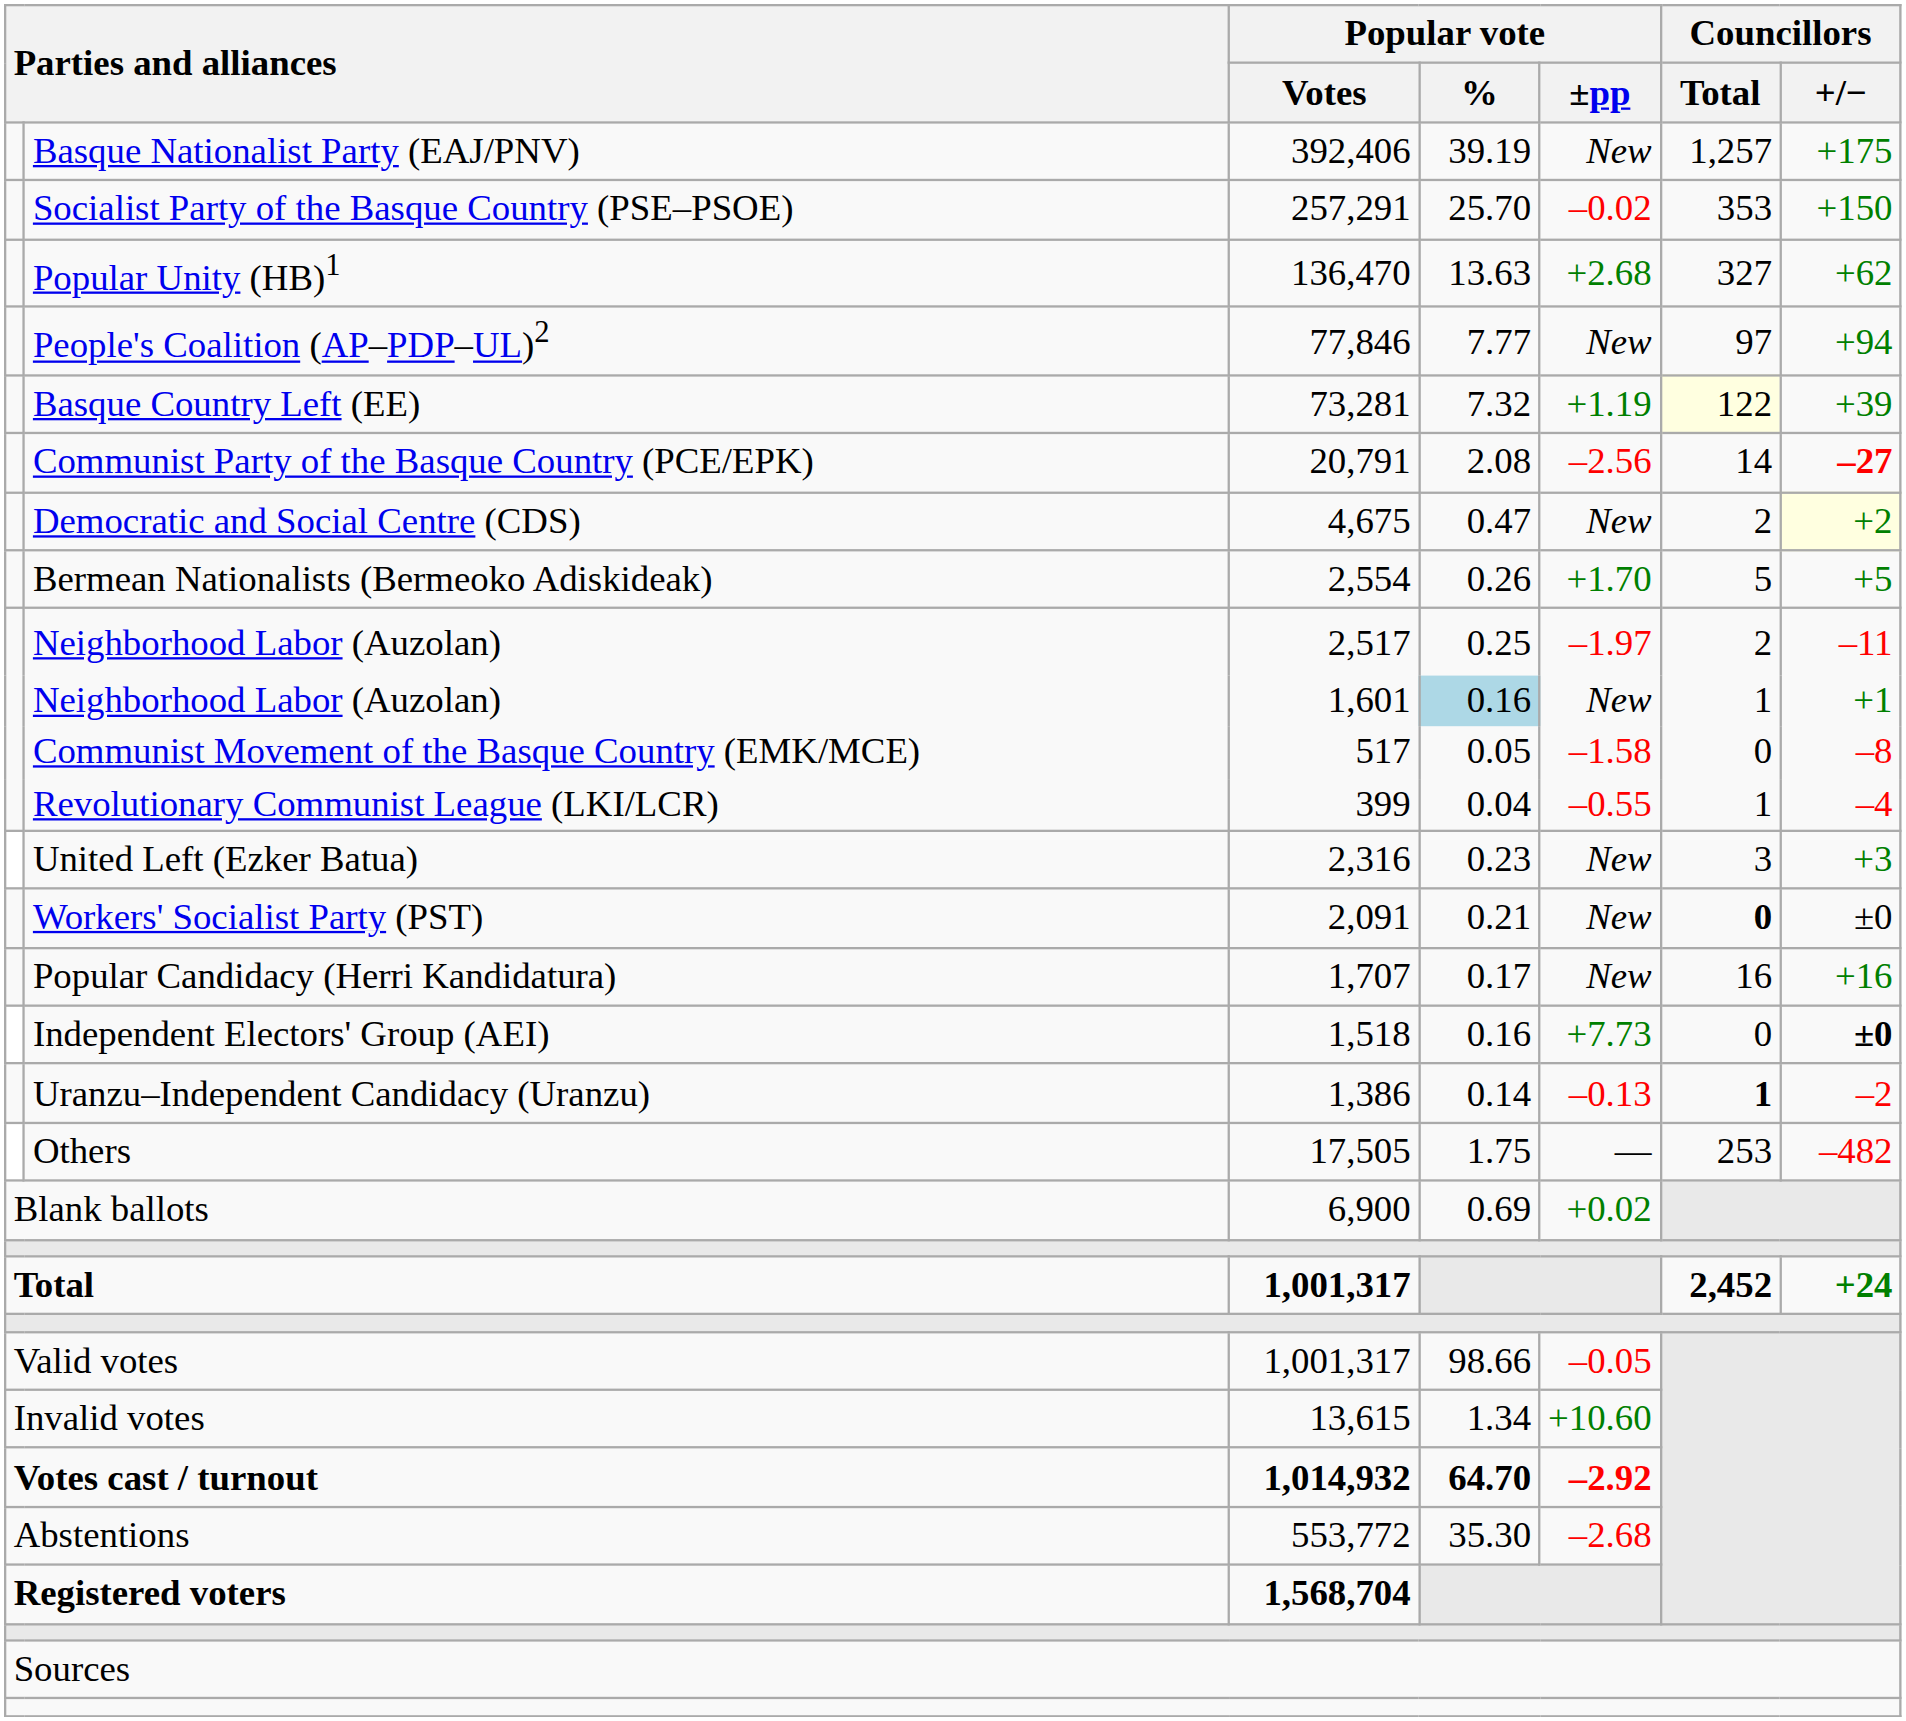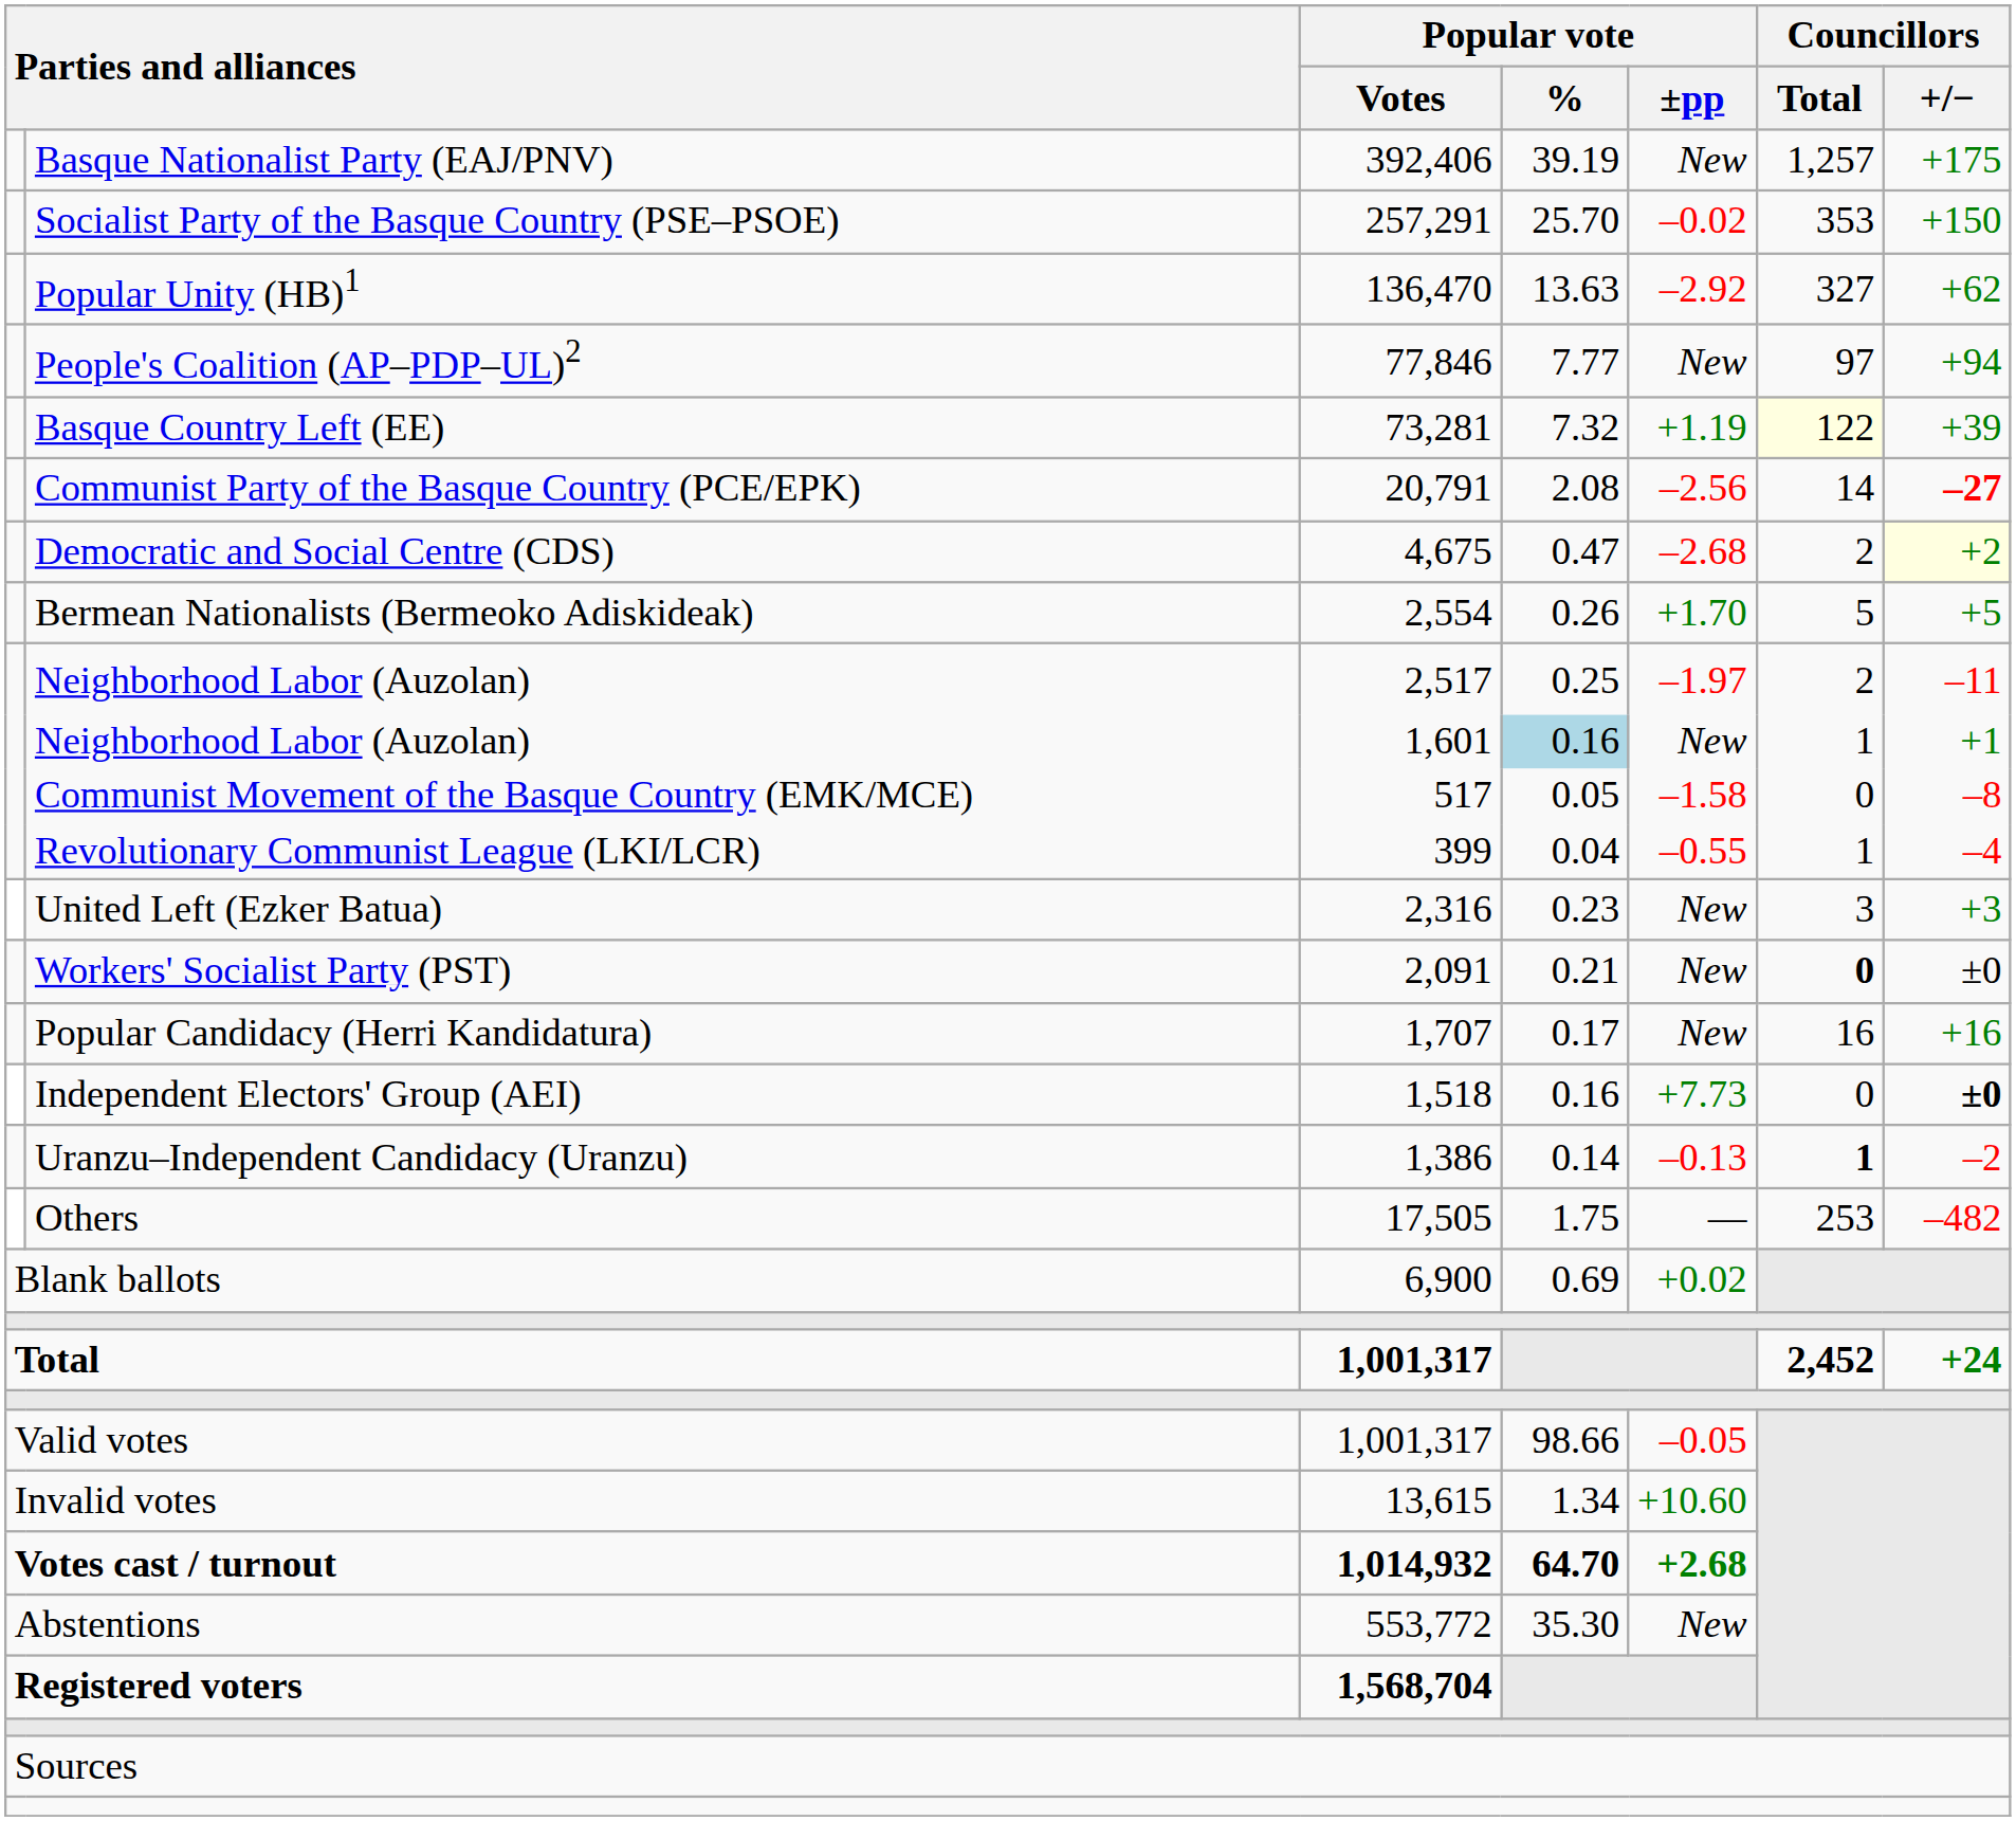 <table class="wikitable" style="text-align:right;">
 <tr>
 <th style="text-align:left;" rowspan="2" colspan="2" width="525">Parties and alliances</th>
 <th colspan="3">Popular vote</th>
 <th colspan="2">Councillors</th>
 </tr>
 <tr>
 <th width="75">Votes</th>
 <th width="45">%</th>
 <th width="45">±<a href='#'>pp</a></th>
 <th width="45">Total</th>
 <th width="45">+/−</th>
 </tr>
 <tr>
 <td width="1" style="color:inherit;background:"></td>
 <td align="left"><a href='#'>Basque Nationalist Party</a> (EAJ/PNV)</td>
 <td>392,406</td>
 <td>39.19</td>
 <td><em>New</em></td>
 <td>1,257</td>
 <td style="color:green;">+175</td>
 </tr>
 <tr>
 <td style="color:inherit;background:"></td>
 <td align="left"><a href='#'>Socialist Party of the Basque Country</a> (PSE–PSOE)</td>
 <td>257,291</td>
 <td>25.70</td>
 <td style="color:red;">–0.02</td>
 <td>353</td>
 <td style="color:green;">+150</td>
 </tr>
 <tr>
 <td style="color:inherit;background:"></td>
 <td align="left"><a href='#'>Popular Unity</a> (HB)<sup>1</sup></td>
 <td>136,470</td>
 <td>13.63</td>
-<td style="color:green;">+2.68</td>
+<td style="color:red;">–2.92</td>
 <td>327</td>
 <td style="color:green;">+62</td>
 </tr>
 <tr>
 <td style="color:inherit;background:"></td>
 <td align="left"><a href='#'>People's Coalition</a> (<a href='#'>AP</a>–<a href='#'>PDP</a>–<a href='#'>UL</a>)<sup>2</sup></td>
 <td>77,846</td>
 <td>7.77</td>
 <td><em>New</em></td>
 <td>97</td>
 <td style="color:green;">+94</td>
 </tr>
 <tr>
 <td style="color:inherit;background:"></td>
 <td align="left"><a href='#'>Basque Country Left</a> (EE)</td>
 <td>73,281</td>
 <td>7.32</td>
 <td style="color:green;">+1.19</td>
 <td style="background: lightyellow;">122</td>
 <td style="color:green;">+39</td>
 </tr>
 <tr>
 <td style="color:inherit;background:"></td>
 <td align="left"><a href='#'>Communist Party of the Basque Country</a> (PCE/EPK)</td>
 <td>20,791</td>
 <td>2.08</td>
 <td style="color:red;">–2.56</td>
 <td>14</td>
 <td style="color:red;"><strong>–27</strong></td>
 </tr>
 <tr>
 <td style="color:inherit;background:"></td>
 <td align="left"><a href='#'>Democratic and Social Centre</a> (CDS)</td>
 <td>4,675</td>
 <td>0.47</td>
-<td><em>New</em></td>
+<td style="color:red;">–2.68</td>
 <td>2</td>
 <td style="background: lightyellow; color:green;">+2</td>
 </tr>
 <tr>
 <td style="color:inherit;background:"></td>
 <td align="left">Bermean Nationalists (Bermeoko Adiskideak)</td>
 <td>2,554</td>
 <td>0.26</td>
 <td style="color:green;">+1.70</td>
 <td>5</td>
 <td style="color:green;">+5</td>
 </tr>
 <tr style="line-height:22px;">
 <td rowspan="4" style="color:inherit;background:"></td>
 <td align="left"><a href='#'>Neighborhood Labor</a> (Auzolan)</td>
 <td>2,517</td>
 <td>0.25</td>
 <td style="color:red;">–1.97</td>
 <td>2</td>
 <td style="color:red;">–11</td>
 </tr>
 <tr style="border-bottom-style:hidden; border-top-style:hidden; line-height:16px;">
 <td align="left"><span><a href='#'>Neighborhood Labor</a> (Auzolan)</span></td>
 <td>1,601</td>
 <td style="background: lightblue;">0.16</td>
 <td><em>New</em></td>
 <td>1</td>
 <td style="color:green;">+1</td>
 </tr>
 <tr style="border-bottom-style:hidden; line-height:16px;">
 <td align="left"><span><a href='#'>Communist Movement of the Basque Country</a> (EMK/MCE)</span></td>
 <td>517</td>
 <td>0.05</td>
 <td style="color:red;">–1.58</td>
 <td>0</td>
 <td style="color:red;">–8</td>
 </tr>
 <tr style="line-height:16px;">
 <td align="left"><span><a href='#'>Revolutionary Communist League</a> (LKI/LCR)</span></td>
 <td>399</td>
 <td>0.04</td>
 <td style="color:red;">–0.55</td>
 <td>1</td>
 <td style="color:red;">–4</td>
 </tr>
 <tr>
 <td bgcolor="white"></td>
 <td align="left">United Left (Ezker Batua)</td>
 <td>2,316</td>
 <td>0.23</td>
 <td><em>New</em></td>
 <td>3</td>
 <td style="color:green;">+3</td>
 </tr>
 <tr>
 <td style="color:inherit;background:"></td>
 <td align="left"><a href='#'>Workers' Socialist Party</a> (PST)</td>
 <td>2,091</td>
 <td>0.21</td>
 <td><em>New</em></td>
 <td><strong>0</strong></td>
 <td>±0</td>
 </tr>
 <tr>
 <td style="color:inherit;background:"></td>
 <td align="left">Popular Candidacy (Herri Kandidatura)</td>
 <td>1,707</td>
 <td>0.17</td>
 <td><em>New</em></td>
 <td>16</td>
 <td style="color:green;">+16</td>
 </tr>
 <tr>
 <td bgcolor="white"></td>
 <td align="left">Independent Electors' Group (AEI)</td>
 <td>1,518</td>
 <td>0.16</td>
 <td style="color:green;">+7.73</td>
 <td>0</td>
 <td><strong>±0</strong></td>
 </tr>
 <tr>
 <td style="color:inherit;background:"></td>
 <td align="left">Uranzu–Independent Candidacy (Uranzu)</td>
 <td>1,386</td>
 <td>0.14</td>
 <td style="color:red;">–0.13</td>
 <td><strong>1</strong></td>
 <td style="color:red;">–2</td>
 </tr>
 <tr>
 <td bgcolor="white"></td>
 <td align="left">Others</td>
 <td>17,505</td>
 <td>1.75</td>
 <td>—</td>
 <td>253</td>
 <td style="color:red;">–482</td>
 </tr>
 <tr>
 <td align="left" colspan="2">Blank ballots</td>
 <td>6,900</td>
 <td>0.69</td>
 <td style="color:green;">+0.02</td>
 <td bgcolor="#E9E9E9" colspan="2"></td>
 </tr>
 <tr>
 <td colspan="7" bgcolor="#E9E9E9"></td>
 </tr>
 <tr style="font-weight:bold;">
 <td align="left" colspan="2">Total</td>
 <td>1,001,317</td>
 <td bgcolor="#E9E9E9" colspan="2"></td>
 <td>2,452</td>
 <td style="color:green;">+24</td>
 </tr>
 <tr>
 <td colspan="7" bgcolor="#E9E9E9"></td>
 </tr>
 <tr>
 <td align="left" colspan="2">Valid votes</td>
 <td>1,001,317</td>
 <td>98.66</td>
 <td style="color:red;">–0.05</td>
 <td bgcolor="#E9E9E9" colspan="2" rowspan="5"></td>
 </tr>
 <tr>
 <td align="left" colspan="2">Invalid votes</td>
 <td>13,615</td>
 <td>1.34</td>
 <td style="color:green;">+10.60</td>
 </tr>
 <tr style="font-weight:bold;">
 <td align="left" colspan="2">Votes cast / turnout</td>
 <td>1,014,932</td>
 <td>64.70</td>
-<td style="color:red;">–2.92</td>
+<td style="color:green;">+2.68</td>
 </tr>
 <tr>
 <td align="left" colspan="2">Abstentions</td>
 <td>553,772</td>
 <td>35.30</td>
-<td style="color:red;">–2.68</td>
+<td><em>New</em></td>
 </tr>
 <tr style="font-weight:bold;">
 <td align="left" colspan="2">Registered voters</td>
 <td>1,568,704</td>
 <td bgcolor="#E9E9E9" colspan="2"></td>
 </tr>
 <tr>
 <td colspan="7" bgcolor="#E9E9E9"></td>
 </tr>
 <tr>
 <td align="left" colspan="7">Sources</td>
 </tr>
 <tr>
 <td colspan="7" style="text-align:left; max-width:790px;"></td>
 </tr>
 </table>
